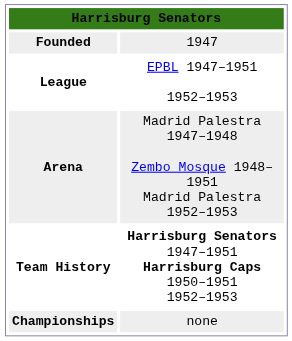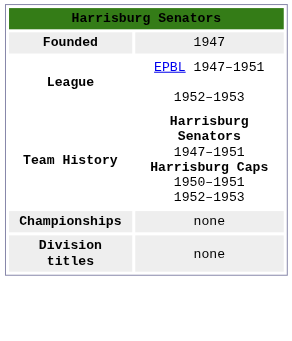 <table style="margin:5px; border:1px solid #8888AA;" align=right cellpadding=3 cellspacing=3 width=280>
 <tr align="center" bgcolor="#347C17">
 <td colspan=2><span><strong>Harrisburg Senators</strong></span></td>
 </tr>
 <tr align="center" bgcolor="#eeeeee">
 <td><strong>Founded</strong></td>
 <td>1947</td>
 </tr>
 <tr align="center">
 <td><strong>League</strong></td>
 <td><a href='#'>EPBL</a> 1947–1951<br><br>1952–1953</td>
 </tr>
-<tr align="center" bgcolor="#eeeeee">
-<td><strong>Arena</strong></td>
-<td>Madrid Palestra 1947–1948<br><br><a href='#'>Zembo Mosque</a> 1948–1951<br> Madrid Palestra 1952–1953</td>
-</tr>
 <tr align="center">
 <td><strong>Team History</strong></td>
 <td><strong>Harrisburg Senators</strong> <br> 1947–1951 <br> <strong>Harrisburg Caps</strong> <br> 1950–1951 <br> 1952–1953</td>
 </tr>
 <tr align="center" bgcolor="#eeeeee">
 <td><strong>Championships</strong></td>
 <td>none</td>
 </tr>
+<tr align="center" bgcolor="#eeeeee">
+<td><strong>Division titles</strong></td>
+<td>none</td>
+</tr>
 </table>
